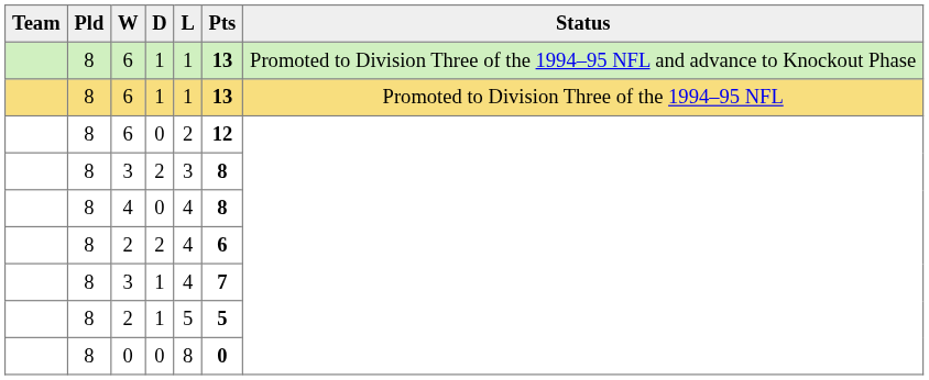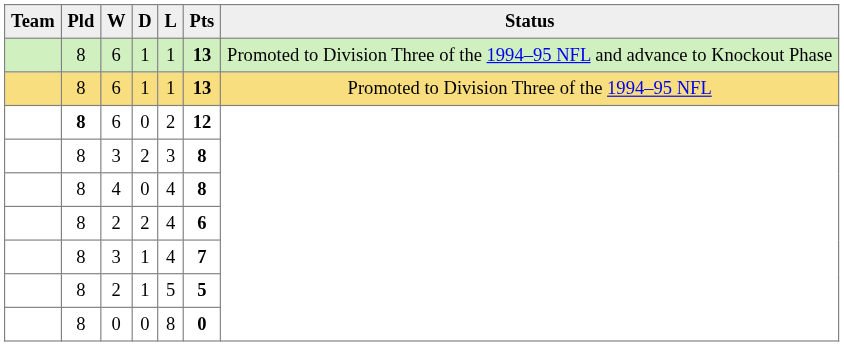 <table style=border-collapse:collapse border=1 cellspacing=0 cellpadding=5>
 <tr align=center bgcolor=#efefef>
 <th>Team</th>
 <th>Pld</th>
 <th>W</th>
 <th>D</th>
 <th>L</th>
 <th>Pts</th>
 <th>Status</th>
 </tr>
 <tr align=center style="background:#D0F0C0;">
 <td style="text-align:left;"> </td>
 <td>8</td>
 <td>6</td>
 <td>1</td>
 <td>1</td>
 <td><strong>13</strong></td>
 <td rowspan=1>Promoted to Division Three of the <a href='#'>1994–95 NFL</a> and advance to Knockout Phase</td>
 </tr>
 <tr align=center style="background:#F8DE7E;">
 <td style="text-align:left;"> </td>
 <td>8</td>
 <td>6</td>
 <td>1</td>
 <td>1</td>
 <td><strong>13</strong></td>
 <td rowspan=1>Promoted to Division Three of the <a href='#'>1994–95 NFL</a></td>
 </tr>
 <tr align=center style="background:#FFFFFF;">
 <td style="text-align:left;"> </td>
-<td>8</td>
+<td><strong>8</strong></td>
 <td>6</td>
 <td>0</td>
 <td>2</td>
 <td><strong>12</strong></td>
 <td rowspan=7></td>
 </tr>
 <tr align=center style="background:#FFFFFF;">
 <td style="text-align:left;"> </td>
 <td>8</td>
 <td>3</td>
 <td>2</td>
 <td>3</td>
 <td><strong>8</strong></td>
 </tr>
 <tr align=center style="background:#FFFFFF;">
 <td style="text-align:left;"> </td>
 <td>8</td>
 <td>4</td>
 <td>0</td>
 <td>4</td>
 <td><strong>8</strong></td>
 </tr>
 <tr align=center style="background:#FFFFFF;">
 <td style="text-align:left;"> </td>
 <td>8</td>
 <td>2</td>
 <td>2</td>
 <td>4</td>
 <td><strong>6</strong></td>
 </tr>
 <tr align=center style="background:#FFFFFF;">
 <td style="text-align:left;"> </td>
 <td>8</td>
 <td>3</td>
 <td>1</td>
 <td>4</td>
 <td><strong>7</strong></td>
 </tr>
 <tr align=center style="background:#FFFFFF;">
 <td style="text-align:left;"> </td>
 <td>8</td>
 <td>2</td>
 <td>1</td>
 <td>5</td>
 <td><strong>5</strong></td>
 </tr>
 <tr align=center style="background:#FFFFFF;">
 <td style="text-align:left;"> </td>
 <td>8</td>
 <td>0</td>
 <td>0</td>
 <td>8</td>
 <td><strong>0</strong></td>
 </tr>
 </table>
